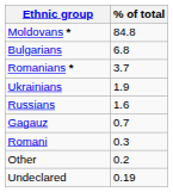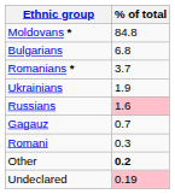 <table class="wikitable sortable">
 <tr>
 <th style="width:140px;"><a href='#'>Ethnic group</a></th>
 <th>% of total</th>
 </tr>
 <tr>
 <td><a href='#'>Moldovans</a> <strong>*</strong></td>
 <td>84.8</td>
 </tr>
 <tr>
 <td><a href='#'>Bulgarians</a></td>
 <td>6.8</td>
 </tr>
 <tr>
 <td><a href='#'>Romanians</a> <strong>*</strong></td>
 <td>3.7</td>
 </tr>
 <tr>
 <td><a href='#'>Ukrainians</a></td>
 <td>1.9</td>
 </tr>
 <tr>
 <td><a href='#'>Russians</a></td>
-<td>1.6</td>
+<td style="background: pink;">1.6</td>
 </tr>
 <tr>
 <td><a href='#'>Gagauz</a></td>
 <td>0.7</td>
 </tr>
 <tr>
 <td><a href='#'>Romani</a></td>
 <td>0.3</td>
 </tr>
 <tr>
 <td>Other</td>
-<td>0.2</td>
+<td><strong>0.2</strong></td>
 </tr>
 <tr>
 <td>Undeclared</td>
-<td>0.19</td>
+<td style="background: pink;">0.19</td>
 </tr>
 </table>
